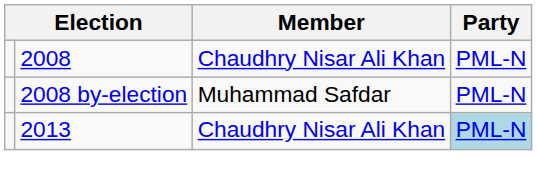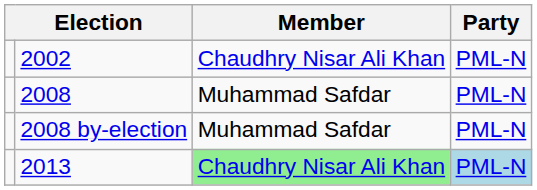 <table class="wikitable">
 <tr>
 <th colspan="2">Election</th>
 <th>Member</th>
 <th>Party</th>
 </tr>
 <tr>
 <td style="background-color: "></td>
+<td><a href='#'>2002</a></td>
+<td><a href='#'>Chaudhry Nisar Ali Khan</a></td>
+<td><a href='#'>PML-N</a></td>
+</tr>
+<tr>
+<td style="background-color: "></td>
 <td><a href='#'>2008</a></td>
-<td><a href='#'>Chaudhry Nisar Ali Khan</a></td>
+<td>Muhammad Safdar</td>
 <td><a href='#'>PML-N</a></td>
 </tr>
 <tr>
 <td style="background-color: "></td>
 <td><a href='#'>2008 by-election</a></td>
 <td>Muhammad Safdar</td>
 <td><a href='#'>PML-N</a></td>
 </tr>
 <tr>
 <td style="background-color: "></td>
 <td><a href='#'>2013</a></td>
-<td><a href='#'>Chaudhry Nisar Ali Khan</a></td>
+<td style="background: lightgreen;"><a href='#'>Chaudhry Nisar Ali Khan</a></td>
 <td style="background: lightblue;"><a href='#'>PML-N</a></td>
 </tr>
 </table>
